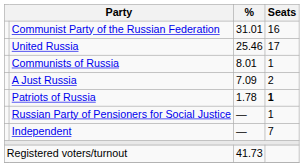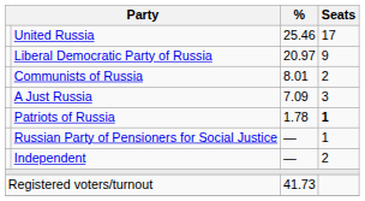 <table class="wikitable">
 <tr>
 <th colspan=2>Party</th>
 <th>%</th>
 <th>Seats</th>
-</tr>
-<tr>
-<td style="background:"></td>
-<td><a href='#'>Communist Party of the Russian Federation</a></td>
-<td>31.01</td>
-<td>16</td>
 </tr>
 <tr>
 <td style="background:"></td>
 <td><a href='#'>United Russia</a></td>
 <td>25.46</td>
 <td>17</td>
 </tr>
 <tr>
 <td style="background:"></td>
+<td><a href='#'>Liberal Democratic Party of Russia</a></td>
+<td>20.97</td>
+<td>9</td>
+</tr>
+<tr>
+<td style="background:"></td>
 <td><a href='#'>Communists of Russia</a></td>
 <td>8.01</td>
-<td>1</td>
+<td>2</td>
 </tr>
 <tr>
 <td style="background:"></td>
 <td><a href='#'>A Just Russia</a></td>
 <td>7.09</td>
-<td>2</td>
+<td>3</td>
 </tr>
 <tr>
 <td style="background:"></td>
 <td><a href='#'>Patriots of Russia</a></td>
 <td>1.78</td>
 <td><strong>1</strong></td>
 </tr>
 <tr>
 <td style="background:"></td>
 <td><a href='#'>Russian Party of Pensioners for Social Justice</a></td>
 <td>—</td>
 <td>1</td>
 </tr>
 <tr>
 <td style="background:"></td>
 <td><a href='#'>Independent</a></td>
 <td>—</td>
-<td>7</td>
+<td>2</td>
 </tr>
 <tr>
 <td colspan=4 style="background:#E9E9E9;"></td>
 </tr>
 <tr>
 <td align=left colspan=2>Registered voters/turnout</td>
 <td>41.73</td>
 <td></td>
 </tr>
 <tr>
 </tr>
 </table>
